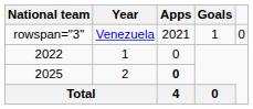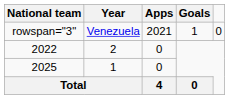 <table class="wikitable" style="text-align: center;">
 <tr>
 <th>National team</th>
 <th>Year</th>
 <th>Apps</th>
 <th>Goals</th>
 </tr>
 <tr>
 <td>rowspan="3"</td>
 <td><a href='#'>Venezuela</a></td>
 <td>2021</td>
 <td>1</td>
 <td>0</td>
 </tr>
 <tr>
 <td>2022</td>
-<td>1</td>
+<td>2</td>
 <td>0</td>
 </tr>
 <tr>
 <td>2025</td>
-<td>2</td>
-<td><strong>0</strong></td>
+<td>1</td>
+<td>0</td>
 </tr>
 <tr>
 <th colspan="2">Total</th>
 <th>4</th>
 <th>0</th>
 </tr>
 </table>
